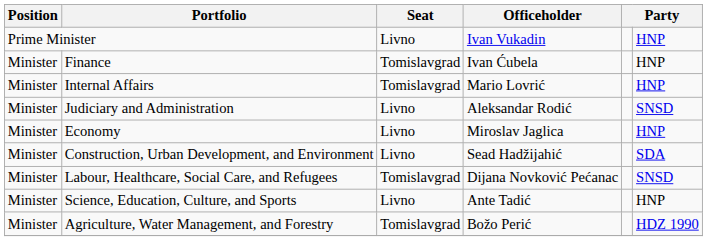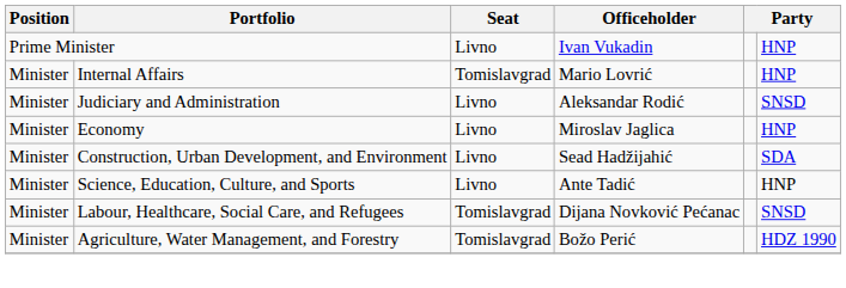 <table class="wikitable">
 <tr>
 <th>Position</th>
 <th>Portfolio</th>
 <th>Seat</th>
 <th>Officeholder</th>
 <th colspan=2>Party</th>
 </tr>
 <tr>
 <td colspan=2>Prime Minister</td>
 <td>Livno</td>
 <td><a href='#'>Ivan Vukadin</a></td>
 <td width=5px style="background-color: "></td>
 <td><a href='#'>HNP</a></td>
-</tr>
-<tr>
-<td>Minister</td>
-<td>Finance</td>
-<td>Tomislavgrad</td>
-<td>Ivan Ćubela</td>
-<td width=5px style="background-color:"></td>
-<td>HNP</td>
 </tr>
 <tr>
 <td>Minister</td>
 <td>Internal Affairs</td>
 <td>Tomislavgrad</td>
 <td>Mario Lovrić</td>
 <td width=5px style="background-color: "></td>
 <td><a href='#'>HNP</a></td>
 </tr>
 <tr>
 <td>Minister</td>
 <td>Judiciary and Administration</td>
 <td>Livno</td>
 <td>Aleksandar Rodić</td>
 <td width=5px style="background-color:"></td>
 <td><a href='#'>SNSD</a></td>
 </tr>
 <tr>
 <td>Minister</td>
 <td>Economy</td>
 <td>Livno</td>
 <td>Miroslav Jaglica</td>
 <td width=5px style="background-color:"></td>
 <td><a href='#'>HNP</a></td>
 </tr>
 <tr>
 <td>Minister</td>
 <td>Construction, Urban Development, and Environment</td>
 <td>Livno</td>
 <td>Sead Hadžijahić</td>
 <td width=5px style="background-color:"></td>
 <td><a href='#'>SDA</a></td>
 </tr>
 <tr>
 <td>Minister</td>
+<td>Science, Education, Culture, and Sports</td>
+<td>Livno</td>
+<td>Ante Tadić</td>
+<td width=5px style="background-color:"></td>
+<td>HNP</td>
+</tr>
+<tr>
+<td>Minister</td>
 <td>Labour, Healthcare, Social Care, and Refugees</td>
 <td>Tomislavgrad</td>
 <td>Dijana Novković Pećanac</td>
 <td width=5px style="background-color:"></td>
 <td><a href='#'>SNSD</a></td>
-</tr>
-<tr>
-<td>Minister</td>
-<td>Science, Education, Culture, and Sports</td>
-<td>Livno</td>
-<td>Ante Tadić</td>
-<td width=5px style="background-color:"></td>
-<td>HNP</td>
 </tr>
 <tr>
 <td>Minister</td>
 <td>Agriculture, Water Management, and Forestry</td>
 <td>Tomislavgrad</td>
 <td>Božo Perić</td>
 <td width=5px style="background-color:"></td>
 <td><a href='#'>HDZ 1990</a></td>
 </tr>
 <tr>
 </tr>
 </table>
